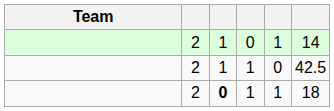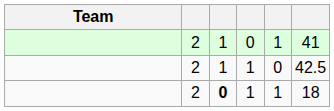 <table class="wikitable" style="text-align:center; float:left; margin-right:1em">
 <tr>
 <th width="170">Team</th>
 <th width="20"></th>
 <th width="20"></th>
 <th width="20"></th>
 <th width="20"></th>
 <th width="20"></th>
 </tr>
 <tr bgcolor="#ddffdd">
 <td align=left></td>
 <td>2</td>
 <td>1</td>
 <td>0</td>
 <td>1</td>
-<td>14</td>
+<td>41</td>
 </tr>
 <tr>
 <td align=left></td>
 <td>2</td>
 <td>1</td>
 <td>1</td>
 <td>0</td>
 <td>42.5</td>
 </tr>
 <tr>
 <td align=left></td>
 <td>2</td>
 <td><strong>0</strong></td>
 <td>1</td>
 <td>1</td>
 <td>18</td>
 </tr>
 </table>
